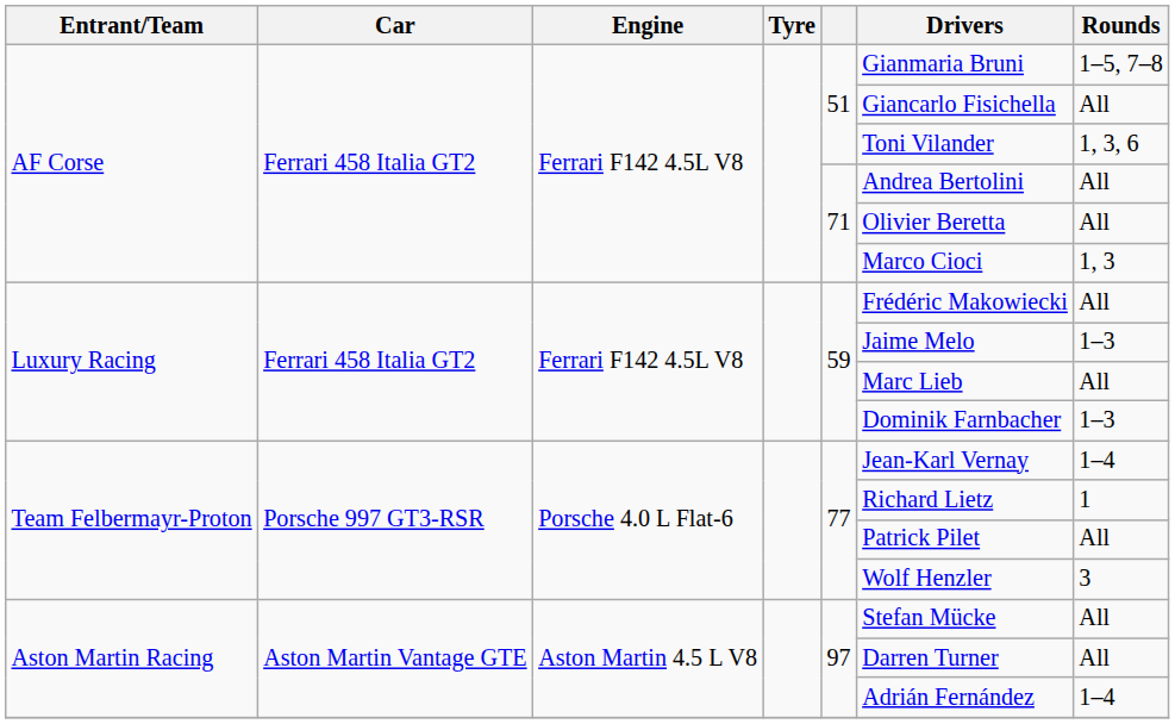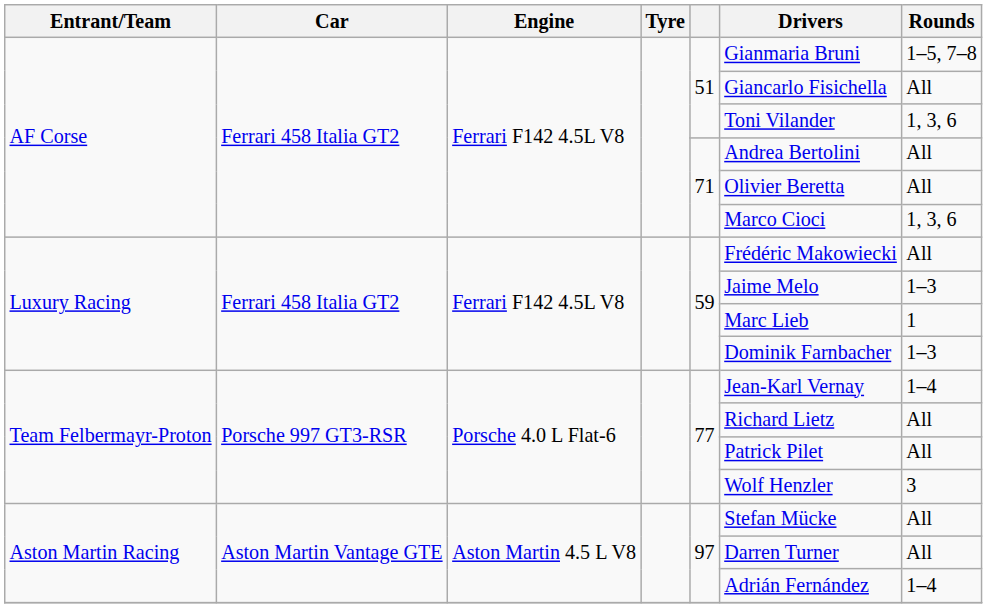 <table class="wikitable" style="font-size: 85%">
 <tr>
 <th>Entrant/Team</th>
 <th>Car</th>
 <th>Engine</th>
 <th>Tyre</th>
 <th></th>
 <th>Drivers</th>
 <th>Rounds</th>
 </tr>
 <tr>
 <td rowspan=6> <a href='#'>AF Corse</a></td>
 <td rowspan=6><a href='#'>Ferrari 458 Italia GT2</a></td>
 <td rowspan=6><a href='#'>Ferrari</a> F142 4.5L V8</td>
 <td rowspan=6></td>
 <td rowspan=3>51</td>
 <td> <a href='#'>Gianmaria Bruni</a></td>
 <td>1–5, 7–8</td>
 </tr>
 <tr>
 <td> <a href='#'>Giancarlo Fisichella</a></td>
 <td>All</td>
 </tr>
 <tr>
 <td> <a href='#'>Toni Vilander</a></td>
 <td>1, 3, 6</td>
 </tr>
 <tr>
 <td rowspan=3>71</td>
 <td> <a href='#'>Andrea Bertolini</a></td>
 <td>All</td>
 </tr>
 <tr>
 <td> <a href='#'>Olivier Beretta</a></td>
 <td>All</td>
 </tr>
 <tr>
 <td> <a href='#'>Marco Cioci</a></td>
-<td>1, 3</td>
+<td>1, 3, 6</td>
 </tr>
 <tr>
 <td rowspan=4> <a href='#'>Luxury Racing</a></td>
 <td rowspan=4><a href='#'>Ferrari 458 Italia GT2</a></td>
 <td rowspan=4><a href='#'>Ferrari</a> F142 4.5L V8</td>
 <td rowspan=4></td>
 <td rowspan=4>59</td>
 <td> <a href='#'>Frédéric Makowiecki</a></td>
 <td>All</td>
 </tr>
 <tr>
 <td> <a href='#'>Jaime Melo</a></td>
 <td>1–3</td>
 </tr>
 <tr>
 <td> <a href='#'>Marc Lieb</a></td>
-<td>All</td>
+<td>1</td>
 </tr>
 <tr>
 <td> <a href='#'>Dominik Farnbacher</a></td>
 <td>1–3</td>
 </tr>
 <tr>
 <td rowspan=4> <a href='#'>Team Felbermayr-Proton</a></td>
 <td rowspan=4><a href='#'>Porsche 997 GT3-RSR</a></td>
 <td rowspan=4><a href='#'>Porsche</a> 4.0 L Flat-6</td>
 <td rowspan=4></td>
 <td rowspan=4>77</td>
 <td> <a href='#'>Jean-Karl Vernay</a></td>
 <td>1–4</td>
 </tr>
 <tr>
 <td> <a href='#'>Richard Lietz</a></td>
-<td>1</td>
+<td>All</td>
 </tr>
 <tr>
 <td> <a href='#'>Patrick Pilet</a></td>
 <td>All</td>
 </tr>
 <tr>
 <td> <a href='#'>Wolf Henzler</a></td>
 <td>3</td>
 </tr>
 <tr>
 <td rowspan=3> <a href='#'>Aston Martin Racing</a></td>
 <td rowspan=3><a href='#'>Aston Martin Vantage GTE</a></td>
 <td rowspan=3><a href='#'>Aston Martin</a> 4.5 L V8</td>
 <td rowspan=3></td>
 <td rowspan=3>97</td>
 <td> <a href='#'>Stefan Mücke</a></td>
 <td>All</td>
 </tr>
 <tr>
 <td> <a href='#'>Darren Turner</a></td>
 <td>All</td>
 </tr>
 <tr>
 <td> <a href='#'>Adrián Fernández</a></td>
 <td>1–4</td>
 </tr>
 <tr>
 </tr>
 </table>
